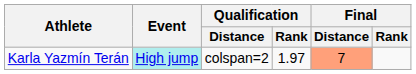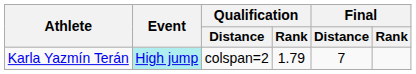 <table class=wikitable style="font-size:90%;">
 <tr>
 <th rowspan=2>Athlete</th>
 <th rowspan=2>Event</th>
 <th colspan=2>Qualification</th>
 <th colspan=2>Final</th>
 </tr>
 <tr style="font-size:95%">
 <th>Distance</th>
 <th>Rank</th>
 <th>Distance</th>
 <th>Rank</th>
 </tr>
 <tr align=center>
 <td align=left><a href='#'>Karla Yazmín Terán</a></td>
 <td align=left style="background: paleturquoise;"><a href='#'>High jump</a></td>
 <td>colspan=2 </td>
-<td>1.97</td>
-<td style="background: lightsalmon;">7</td>
+<td>1.79</td>
+<td>7</td>
 </tr>
 </table>
